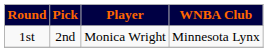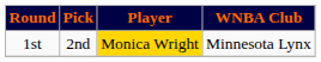 <table class="wikitable" style="text-align:center">
 <tr>
 <th style=" background:#000044;color:#ff6600;">Round</th>
 <th style=" background:#000044;color:#ff6600;">Pick</th>
 <th style=" background:#000044;color:#ff6600;">Player</th>
 <th style=" background:#000044;color:#ff6600;">WNBA Club</th>
 </tr>
 <tr>
 <td>1st</td>
 <td>2nd</td>
-<td>Monica Wright</td>
+<td style="background: gold;">Monica Wright</td>
 <td>Minnesota Lynx</td>
 </tr>
 <tr>
 </tr>
 </table>
